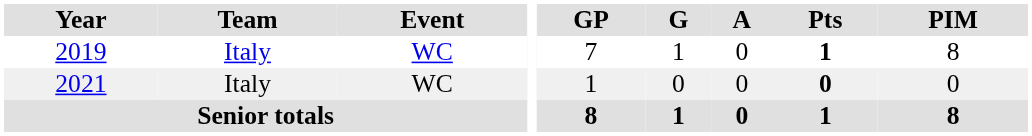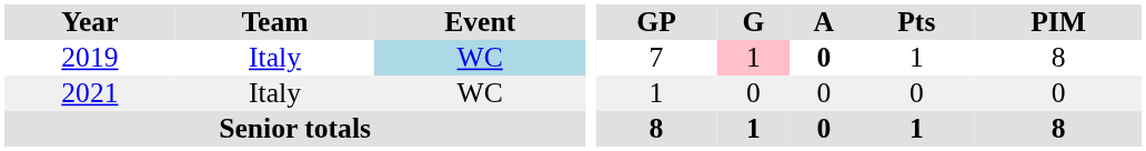 <table border="0" cellpadding="1" cellspacing="0" ID="Table3" style="text-align:center; width:40em">
 <tr ALIGN="center" bgcolor="#e0e0e0">
 <th>Year</th>
 <th>Team</th>
 <th>Event</th>
 <th rowspan="99" bgcolor="#ffffff"></th>
 <th>GP</th>
 <th>G</th>
 <th>A</th>
 <th>Pts</th>
 <th>PIM</th>
 </tr>
 <tr>
 <td><a href='#'>2019</a></td>
 <td><a href='#'>Italy</a></td>
-<td><a href='#'>WC</a></td>
+<td style="background: lightblue;"><a href='#'>WC</a></td>
 <td>7</td>
+<td style="background: pink;">1</td>
+<td><strong>0</strong></td>
 <td>1</td>
-<td>0</td>
-<td><strong>1</strong></td>
 <td>8</td>
 </tr>
 <tr bgcolor="#f0f0f0">
 <td><a href='#'>2021</a></td>
 <td>Italy</td>
 <td>WC</td>
 <td>1</td>
 <td>0</td>
 <td>0</td>
-<td><strong>0</strong></td>
+<td>0</td>
 <td>0</td>
 </tr>
 <tr bgcolor="#e0e0e0">
 <th colspan="3">Senior totals</th>
 <th>8</th>
 <th>1</th>
 <th>0</th>
 <th>1</th>
 <th>8</th>
 </tr>
 </table>
